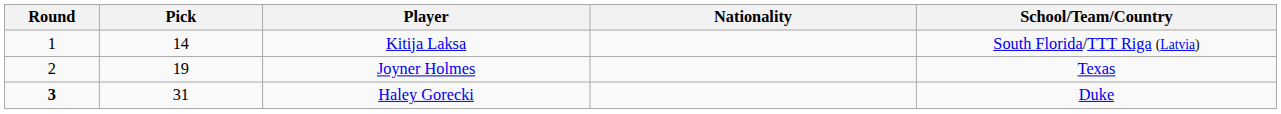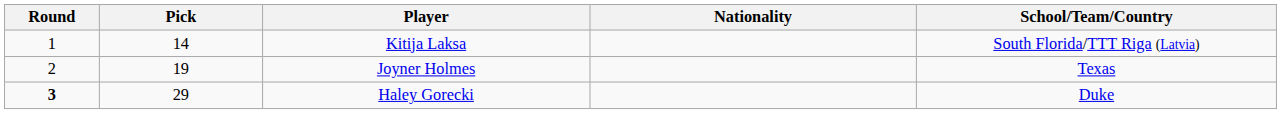 <table class="wikitable" style="text-align:center;">
 <tr>
 <th width="2%">Round</th>
 <th width="5%">Pick</th>
 <th width="10%">Player</th>
 <th width="10%">Nationality</th>
 <th width="10%">School/Team/Country</th>
 </tr>
 <tr>
 <td>1</td>
 <td>14</td>
 <td><a href='#'>Kitija Laksa</a></td>
 <td></td>
 <td><a href='#'>South Florida</a>/<a href='#'>TTT Riga</a> <small>(<a href='#'>Latvia</a>)</small></td>
 </tr>
 <tr>
 <td>2</td>
 <td>19</td>
 <td><a href='#'>Joyner Holmes</a></td>
 <td></td>
 <td><a href='#'>Texas</a></td>
 </tr>
 <tr>
 <td><strong>3</strong></td>
-<td>31</td>
+<td>29</td>
 <td><a href='#'>Haley Gorecki</a></td>
 <td></td>
 <td><a href='#'>Duke</a></td>
 </tr>
 </table>
